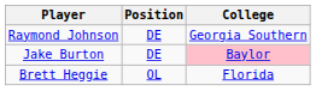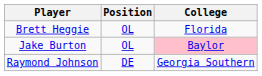 <table class="wikitable" style="text-align:center">
 <tr>
 <th>Player</th>
 <th>Position</th>
 <th>College</th>
 </tr>
 <tr>
+<td><a href='#'>Brett Heggie</a></td>
+<td><a href='#'>OL</a></td>
+<td><a href='#'>Florida</a></td>
+</tr>
+<tr>
+<td><a href='#'>Jake Burton</a></td>
+<td><a href='#'>OL</a></td>
+<td style="background: pink;"><a href='#'>Baylor</a></td>
+</tr>
+<tr>
 <td><a href='#'>Raymond Johnson</a></td>
 <td><a href='#'>DE</a></td>
 <td><a href='#'>Georgia Southern</a></td>
 </tr>
-<tr>
-<td><a href='#'>Jake Burton</a></td>
-<td><a href='#'>DE</a></td>
-<td style="background: pink;"><a href='#'>Baylor</a></td>
-</tr>
-<tr>
-<td><a href='#'>Brett Heggie</a></td>
-<td><a href='#'>OL</a></td>
-<td><a href='#'>Florida</a></td>
-</tr>
 </table>
